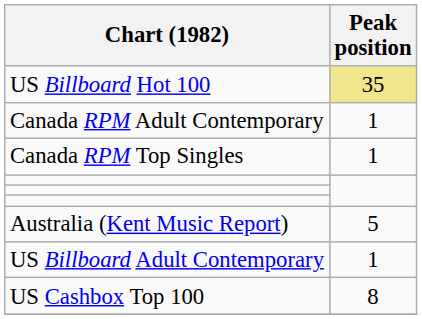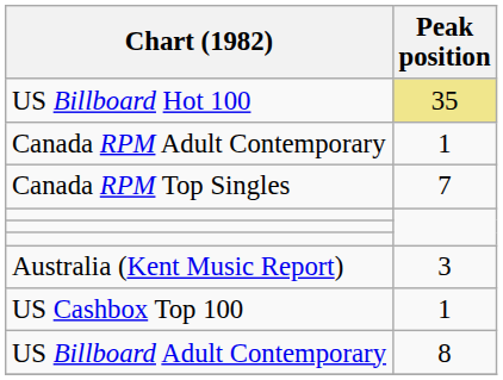 <table class="wikitable sortable">
 <tr>
 <th>Chart (1982)</th>
 <th>Peak<br>position</th>
 </tr>
 <tr>
 <td>US <em><a href='#'>Billboard</a></em> <a href='#'>Hot 100</a></td>
 <td style="background: khaki; text-align:center;">35</td>
 </tr>
 <tr>
 <td>Canada <em><a href='#'>RPM</a></em> Adult Contemporary</td>
 <td style="text-align:center;">1</td>
 </tr>
 <tr>
 <td>Canada <em><a href='#'>RPM</a></em> Top Singles</td>
-<td style="text-align:center;">1</td>
+<td style="text-align:center;">7</td>
 </tr>
 <tr>
 <td></td>
 </tr>
 <tr>
 <td></td>
 </tr>
 <tr>
 <td></td>
 </tr>
 <tr>
 <td>Australia (<a href='#'>Kent Music Report</a>)</td>
-<td style="text-align:center;">5</td>
+<td style="text-align:center;">3</td>
+</tr>
+<tr>
+<td>US <a href='#'>Cashbox</a> Top 100</td>
+<td style="text-align:center;">1</td>
 </tr>
 <tr>
 <td>US <em><a href='#'>Billboard</a></em> <a href='#'>Adult Contemporary</a></td>
-<td style="text-align:center;">1</td>
-</tr>
-<tr>
-<td>US <a href='#'>Cashbox</a> Top 100</td>
 <td align="center">8</td>
 </tr>
 <tr>
 </tr>
 </table>
